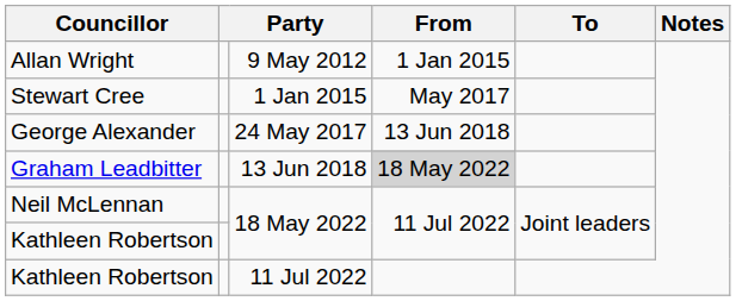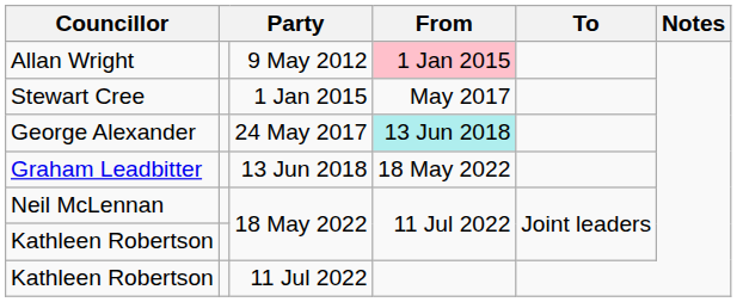 <table class=wikitable>
 <tr>
 <th>Councillor</th>
 <th colspan=2>Party</th>
 <th>From</th>
 <th>To</th>
 <th>Notes</th>
 </tr>
 <tr>
 <td>Allan Wright</td>
 <td></td>
 <td align=right>9 May 2012</td>
-<td align=right>1 Jan 2015</td>
+<td align=right style="background: pink;">1 Jan 2015</td>
 <td></td>
 </tr>
 <tr>
 <td>Stewart Cree</td>
 <td></td>
 <td align=right>1 Jan 2015</td>
 <td align=right>May 2017</td>
 <td></td>
 </tr>
 <tr>
 <td>George Alexander</td>
 <td></td>
 <td align=right>24 May 2017</td>
-<td align=right>13 Jun 2018</td>
+<td align=right style="background: paleturquoise;">13 Jun 2018</td>
 <td></td>
 </tr>
 <tr>
 <td><a href='#'>Graham Leadbitter</a></td>
 <td></td>
 <td align=right>13 Jun 2018</td>
-<td align=right style="background: lightgrey;">18 May 2022</td>
+<td align=right>18 May 2022</td>
 <td></td>
 </tr>
 <tr>
 <td>Neil McLennan</td>
 <td></td>
 <td rowspan=2 align=right>18 May 2022</td>
 <td rowspan=2 align=right>11 Jul 2022</td>
 <td rowspan=2 align=left>Joint leaders</td>
 </tr>
 <tr>
 <td>Kathleen Robertson</td>
 <td></td>
 </tr>
 <tr>
 <td>Kathleen Robertson</td>
 <td></td>
 <td align=right>11 Jul 2022</td>
 <td align=right></td>
 </tr>
 </table>
